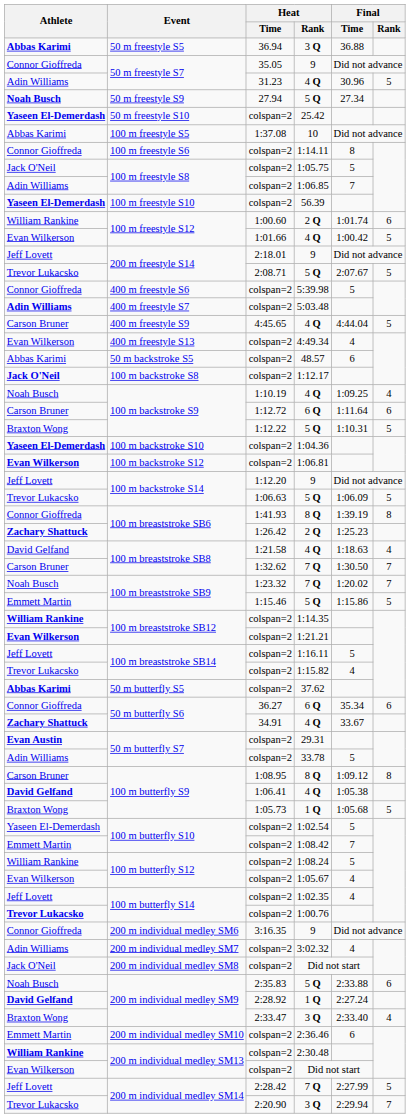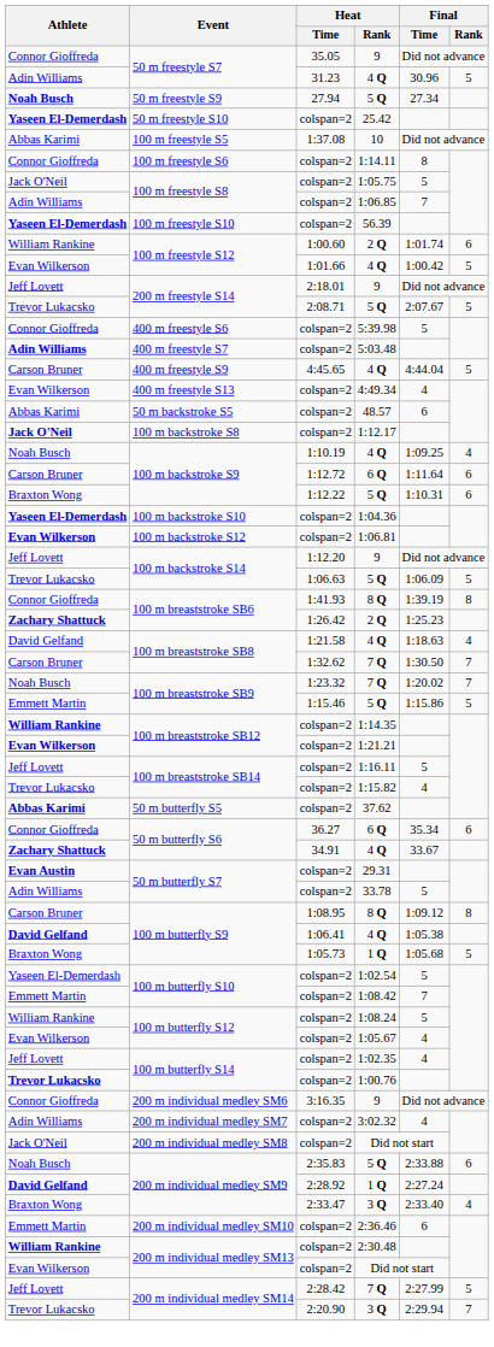 <table class=wikitable style=font-size:90%;text-align:center>
 <tr>
 <th rowspan=2>Athlete</th>
 <th rowspan=2>Event</th>
 <th colspan=2>Heat</th>
 <th colspan=2>Final</th>
 </tr>
 <tr style=font-size:95%>
 <th>Time</th>
 <th>Rank</th>
 <th>Time</th>
 <th>Rank</th>
-</tr>
-<tr align=center>
-<td align=left><strong><a href='#'>Abbas Karimi</a></strong></td>
-<td align=left><a href='#'>50 m freestyle S5</a></td>
-<td>36.94</td>
-<td>3 <strong>Q</strong></td>
-<td>36.88</td>
-<td></td>
 </tr>
 <tr align=center>
 <td align=left><a href='#'>Connor Gioffreda</a></td>
 <td align=left rowspan=2><a href='#'>50 m freestyle S7</a></td>
 <td>35.05</td>
 <td>9</td>
 <td colspan=2>Did not advance</td>
 </tr>
 <tr align=center>
 <td align=left><a href='#'>Adin Williams</a></td>
 <td>31.23</td>
 <td>4 <strong>Q</strong></td>
 <td>30.96</td>
 <td>5</td>
 </tr>
 <tr align=center>
 <td align=left><strong><a href='#'>Noah Busch</a></strong></td>
 <td align=left><a href='#'>50 m freestyle S9</a></td>
 <td>27.94</td>
 <td>5 <strong>Q</strong></td>
 <td>27.34</td>
 <td></td>
 </tr>
 <tr align=center>
 <td align=left><strong><a href='#'>Yaseen El-Demerdash</a></strong></td>
 <td align=left><a href='#'>50 m freestyle S10</a></td>
 <td>colspan=2 </td>
 <td>25.42</td>
 <td></td>
 </tr>
 <tr align=center>
 <td align=left><a href='#'>Abbas Karimi</a></td>
 <td align=left><a href='#'>100 m freestyle S5</a></td>
 <td>1:37.08</td>
 <td>10</td>
 <td colspan=2>Did not advance</td>
 </tr>
 <tr align=center>
 <td align=left><a href='#'>Connor Gioffreda</a></td>
 <td align=left><a href='#'>100 m freestyle S6</a></td>
 <td>colspan=2 </td>
 <td>1:14.11</td>
 <td>8</td>
 </tr>
 <tr align=center>
 <td align=left><a href='#'>Jack O'Neil</a></td>
 <td align=left rowspan=2><a href='#'>100 m freestyle S8</a></td>
 <td>colspan=2 </td>
 <td>1:05.75</td>
 <td>5</td>
 </tr>
 <tr align=center>
 <td align=left><a href='#'>Adin Williams</a></td>
 <td>colspan=2 </td>
 <td>1:06.85</td>
 <td>7</td>
 </tr>
 <tr align=center>
 <td align=left><strong><a href='#'>Yaseen El-Demerdash</a></strong></td>
 <td align=left><a href='#'>100 m freestyle S10</a></td>
 <td>colspan=2 </td>
 <td>56.39</td>
 <td></td>
 </tr>
 <tr align=center>
 <td align=left><a href='#'>William Rankine</a></td>
 <td align=left rowspan=2><a href='#'>100 m freestyle S12</a></td>
 <td>1:00.60</td>
 <td>2 <strong>Q</strong></td>
 <td>1:01.74</td>
 <td>6</td>
 </tr>
 <tr align=center>
 <td align=left><a href='#'>Evan Wilkerson</a></td>
 <td>1:01.66</td>
 <td>4 <strong>Q</strong></td>
 <td>1:00.42</td>
 <td>5</td>
 </tr>
 <tr align=center>
 <td align=left><a href='#'>Jeff Lovett</a></td>
 <td align=left rowspan=2><a href='#'>200 m freestyle S14</a></td>
 <td>2:18.01</td>
 <td>9</td>
 <td colspan=2>Did not advance</td>
 </tr>
 <tr align=center>
 <td align=left><a href='#'>Trevor Lukacsko</a></td>
 <td>2:08.71</td>
 <td>5 <strong>Q</strong></td>
 <td>2:07.67</td>
 <td>5</td>
 </tr>
 <tr align=center>
 <td align=left><a href='#'>Connor Gioffreda</a></td>
 <td align=left><a href='#'>400 m freestyle S6</a></td>
 <td>colspan=2 </td>
 <td>5:39.98</td>
 <td>5</td>
 </tr>
 <tr align=center>
 <td align=left><strong><a href='#'>Adin Williams</a></strong></td>
 <td align=left><a href='#'>400 m freestyle S7</a></td>
 <td>colspan=2 </td>
 <td>5:03.48</td>
 <td></td>
 </tr>
 <tr align=center>
 <td align=left><a href='#'>Carson Bruner</a></td>
 <td align=left><a href='#'>400 m freestyle S9</a></td>
 <td>4:45.65</td>
 <td>4 <strong>Q</strong></td>
 <td>4:44.04</td>
 <td>5</td>
 </tr>
 <tr align=center>
 <td align=left><a href='#'>Evan Wilkerson</a></td>
 <td align=left><a href='#'>400 m freestyle S13</a></td>
 <td>colspan=2 </td>
 <td>4:49.34</td>
 <td>4</td>
 </tr>
 <tr align=center>
 <td align=left><a href='#'>Abbas Karimi</a></td>
 <td align=left><a href='#'>50 m backstroke S5</a></td>
 <td>colspan=2 </td>
 <td>48.57</td>
 <td>6</td>
 </tr>
 <tr align=center>
 <td align=left><strong><a href='#'>Jack O'Neil</a></strong></td>
 <td align=left><a href='#'>100 m backstroke S8</a></td>
 <td>colspan=2 </td>
 <td>1:12.17</td>
 <td></td>
 </tr>
 <tr align=center>
 <td align=left><a href='#'>Noah Busch</a></td>
 <td align=left rowspan=3><a href='#'>100 m backstroke S9</a></td>
 <td>1:10.19</td>
 <td>4 <strong>Q</strong></td>
 <td>1:09.25</td>
 <td>4</td>
 </tr>
 <tr align=center>
 <td align=left><a href='#'>Carson Bruner</a></td>
 <td>1:12.72</td>
 <td>6 <strong>Q</strong></td>
 <td>1:11.64</td>
 <td>6</td>
 </tr>
 <tr align=center>
 <td align=left><a href='#'>Braxton Wong</a></td>
 <td>1:12.22</td>
 <td>5 <strong>Q</strong></td>
 <td>1:10.31</td>
-<td>5</td>
+<td>6</td>
 </tr>
 <tr align=center>
 <td align=left><strong><a href='#'>Yaseen El-Demerdash</a></strong></td>
 <td align=left><a href='#'>100 m backstroke S10</a></td>
 <td>colspan=2 </td>
 <td>1:04.36</td>
 <td></td>
 </tr>
 <tr align=center>
 <td align=left><strong><a href='#'>Evan Wilkerson</a></strong></td>
 <td align=left><a href='#'>100 m backstroke S12</a></td>
 <td>colspan=2 </td>
 <td>1:06.81</td>
 <td></td>
 </tr>
 <tr align=center>
 <td align=left><a href='#'>Jeff Lovett</a></td>
 <td align=left rowspan=2><a href='#'>100 m backstroke S14</a></td>
 <td>1:12.20</td>
 <td>9</td>
 <td colspan=2>Did not advance</td>
 </tr>
 <tr align=center>
 <td align=left><a href='#'>Trevor Lukacsko</a></td>
 <td>1:06.63</td>
 <td>5 <strong>Q</strong></td>
 <td>1:06.09</td>
 <td>5</td>
 </tr>
 <tr align=center>
 <td align=left><a href='#'>Connor Gioffreda</a></td>
 <td align=left rowspan=2><a href='#'>100 m breaststroke SB6</a></td>
 <td>1:41.93</td>
 <td>8 <strong>Q</strong></td>
 <td>1:39.19</td>
 <td>8</td>
 </tr>
 <tr align=center>
 <td align=left><strong><a href='#'>Zachary Shattuck</a></strong></td>
 <td>1:26.42</td>
 <td>2 <strong>Q</strong></td>
 <td>1:25.23</td>
 <td></td>
 </tr>
 <tr align=center>
 <td align=left><a href='#'>David Gelfand</a></td>
 <td align=left rowspan=2><a href='#'>100 m breaststroke SB8</a></td>
 <td>1:21.58</td>
 <td>4 <strong>Q</strong></td>
 <td>1:18.63</td>
 <td>4</td>
 </tr>
 <tr align=center>
 <td align=left><a href='#'>Carson Bruner</a></td>
 <td>1:32.62</td>
 <td>7 <strong>Q</strong></td>
 <td>1:30.50</td>
 <td>7</td>
 </tr>
 <tr align=center>
 <td align=left><a href='#'>Noah Busch</a></td>
 <td align=left rowspan=2><a href='#'>100 m breaststroke SB9</a></td>
 <td>1:23.32</td>
 <td>7 <strong>Q</strong></td>
 <td>1:20.02</td>
 <td>7</td>
 </tr>
 <tr align=center>
 <td align=left><a href='#'>Emmett Martin</a></td>
 <td>1:15.46</td>
 <td>5 <strong>Q</strong></td>
 <td>1:15.86</td>
 <td>5</td>
 </tr>
 <tr align=center>
 <td align=left><strong><a href='#'>William Rankine</a></strong></td>
 <td align=left rowspan=2><a href='#'>100 m breaststroke SB12</a></td>
 <td>colspan=2 </td>
 <td>1:14.35</td>
 <td></td>
 </tr>
 <tr align=center>
 <td align=left><strong><a href='#'>Evan Wilkerson</a></strong></td>
 <td>colspan=2 </td>
 <td>1:21.21</td>
 <td></td>
 </tr>
 <tr align=center>
 <td align=left><a href='#'>Jeff Lovett</a></td>
 <td align=left rowspan=2><a href='#'>100 m breaststroke SB14</a></td>
 <td>colspan=2 </td>
 <td>1:16.11</td>
 <td>5</td>
 </tr>
 <tr align=center>
 <td align=left><a href='#'>Trevor Lukacsko</a></td>
 <td>colspan=2 </td>
 <td>1:15.82</td>
 <td>4</td>
 </tr>
 <tr align=center>
 <td align=left><strong><a href='#'>Abbas Karimi</a></strong></td>
 <td align=left><a href='#'>50 m butterfly S5</a></td>
 <td>colspan=2 </td>
 <td>37.62</td>
 <td></td>
 </tr>
 <tr align=center>
 <td align=left><a href='#'>Connor Gioffreda</a></td>
 <td align=left rowspan=2><a href='#'>50 m butterfly S6</a></td>
 <td>36.27</td>
 <td>6 <strong>Q</strong></td>
 <td>35.34</td>
 <td>6</td>
 </tr>
 <tr align=center>
 <td align=left><strong><a href='#'>Zachary Shattuck</a></strong></td>
 <td>34.91</td>
 <td>4 <strong>Q</strong></td>
 <td>33.67</td>
 <td></td>
 </tr>
 <tr align=center>
 <td align=left><strong><a href='#'>Evan Austin</a></strong></td>
 <td align=left rowspan=2><a href='#'>50 m butterfly S7</a></td>
 <td>colspan=2 </td>
 <td>29.31</td>
 <td></td>
 </tr>
 <tr align=center>
 <td align=left><a href='#'>Adin Williams</a></td>
 <td>colspan=2 </td>
 <td>33.78</td>
 <td>5</td>
 </tr>
 <tr align=center>
 <td align=left><a href='#'>Carson Bruner</a></td>
 <td align=left rowspan=3><a href='#'>100 m butterfly S9</a></td>
 <td>1:08.95</td>
 <td>8 <strong>Q</strong></td>
 <td>1:09.12</td>
 <td>8</td>
 </tr>
 <tr align=center>
 <td align=left><strong><a href='#'>David Gelfand</a></strong></td>
 <td>1:06.41</td>
 <td>4 <strong>Q</strong></td>
 <td>1:05.38</td>
 <td></td>
 </tr>
 <tr align=center>
 <td align=left><a href='#'>Braxton Wong</a></td>
 <td>1:05.73</td>
 <td>1 <strong>Q</strong></td>
 <td>1:05.68</td>
 <td>5</td>
 </tr>
 <tr align=center>
 <td align=left><a href='#'>Yaseen El-Demerdash</a></td>
 <td align=left rowspan=2><a href='#'>100 m butterfly S10</a></td>
 <td>colspan=2 </td>
 <td>1:02.54</td>
 <td>5</td>
 </tr>
 <tr align=center>
 <td align=left><a href='#'>Emmett Martin</a></td>
 <td>colspan=2 </td>
 <td>1:08.42</td>
 <td>7</td>
 </tr>
 <tr align=center>
 <td align=left><a href='#'>William Rankine</a></td>
 <td align=left rowspan=2><a href='#'>100 m butterfly S12</a></td>
 <td>colspan=2 </td>
 <td>1:08.24</td>
 <td>5</td>
 </tr>
 <tr align=center>
 <td align=left><a href='#'>Evan Wilkerson</a></td>
 <td>colspan=2 </td>
 <td>1:05.67</td>
 <td>4</td>
 </tr>
 <tr align=center>
 <td align=left><a href='#'>Jeff Lovett</a></td>
 <td align=left rowspan=2><a href='#'>100 m butterfly S14</a></td>
 <td>colspan=2 </td>
 <td>1:02.35</td>
 <td>4</td>
 </tr>
 <tr align=center>
 <td align=left><strong><a href='#'>Trevor Lukacsko</a></strong></td>
 <td>colspan=2 </td>
 <td>1:00.76</td>
 <td></td>
 </tr>
 <tr align=center>
 <td align=left><a href='#'>Connor Gioffreda</a></td>
 <td align=left><a href='#'>200 m individual medley SM6</a></td>
 <td>3:16.35</td>
 <td>9</td>
 <td colspan=2>Did not advance</td>
 </tr>
 <tr align=center>
 <td align=left><a href='#'>Adin Williams</a></td>
 <td align=left><a href='#'>200 m individual medley SM7</a></td>
 <td>colspan=2 </td>
 <td>3:02.32</td>
 <td>4</td>
 </tr>
 <tr align=center>
 <td align=left><a href='#'>Jack O'Neil</a></td>
 <td align=left><a href='#'>200 m individual medley SM8</a></td>
 <td>colspan=2 </td>
 <td colspan=2>Did not start</td>
 </tr>
 <tr align=center>
 <td align=left><a href='#'>Noah Busch</a></td>
 <td align=left rowspan=3><a href='#'>200 m individual medley SM9</a></td>
 <td>2:35.83</td>
 <td>5 <strong>Q</strong></td>
 <td>2:33.88</td>
 <td>6</td>
 </tr>
 <tr align=center>
 <td align=left><strong><a href='#'>David Gelfand</a></strong></td>
 <td>2:28.92</td>
 <td>1 <strong>Q</strong></td>
 <td>2:27.24</td>
 <td></td>
 </tr>
 <tr align=center>
 <td align=left><a href='#'>Braxton Wong</a></td>
 <td>2:33.47</td>
 <td>3 <strong>Q</strong></td>
 <td>2:33.40</td>
 <td>4</td>
 </tr>
 <tr align=center>
 <td align=left><a href='#'>Emmett Martin</a></td>
 <td align=left><a href='#'>200 m individual medley SM10</a></td>
 <td>colspan=2 </td>
 <td>2:36.46</td>
 <td>6</td>
 </tr>
 <tr align=center>
 <td align=left><strong><a href='#'>William Rankine</a></strong></td>
 <td align=left rowspan=2><a href='#'>200 m individual medley SM13</a></td>
 <td>colspan=2 </td>
 <td>2:30.48</td>
 <td></td>
 </tr>
 <tr align=center>
 <td align=left><a href='#'>Evan Wilkerson</a></td>
 <td>colspan=2 </td>
 <td colspan=2>Did not start</td>
 </tr>
 <tr align=center>
 <td align=left><a href='#'>Jeff Lovett</a></td>
 <td align=left rowspan=2><a href='#'>200 m individual medley SM14</a></td>
 <td>2:28.42</td>
 <td>7 <strong>Q</strong></td>
 <td>2:27.99</td>
 <td>5</td>
 </tr>
 <tr align=center>
 <td align=left><a href='#'>Trevor Lukacsko</a></td>
 <td>2:20.90</td>
 <td>3 <strong>Q</strong></td>
 <td>2:29.94</td>
 <td>7</td>
 </tr>
 </table>
